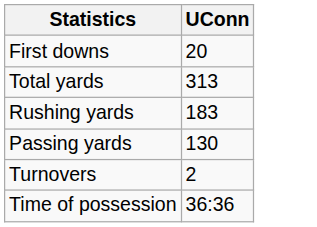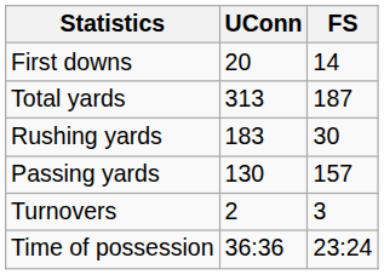 <table class="wikitable">
 <tr>
 <th>Statistics</th>
 <th>UConn</th>
+<th>FS</th>
 </tr>
 <tr>
 <td>First downs</td>
 <td>20</td>
+<td>14</td>
 </tr>
 <tr>
 <td>Total yards</td>
 <td>313</td>
+<td>187</td>
 </tr>
 <tr>
 <td>Rushing yards</td>
 <td>183</td>
+<td>30</td>
 </tr>
 <tr>
 <td>Passing yards</td>
 <td>130</td>
+<td>157</td>
 </tr>
 <tr>
 <td>Turnovers</td>
 <td>2</td>
+<td>3</td>
 </tr>
 <tr>
 <td>Time of possession</td>
 <td>36:36</td>
+<td>23:24</td>
 </tr>
 </table>
